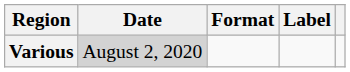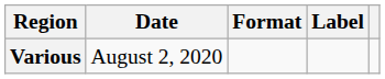 <table class="wikitable plainrowheaders">
 <tr>
 <th scope="col">Region</th>
 <th scope="col">Date</th>
 <th scope="col">Format</th>
 <th scope="col">Label</th>
 <th scope="col"></th>
 </tr>
 <tr>
 <th scope="row" rowspan="2">Various</th>
-<td style="background: lightgrey;">August 2, 2020</td>
+<td>August 2, 2020</td>
 <td></td>
 <td rowspan="2"></td>
 <td align="center"></td>
 </tr>
 </table>
